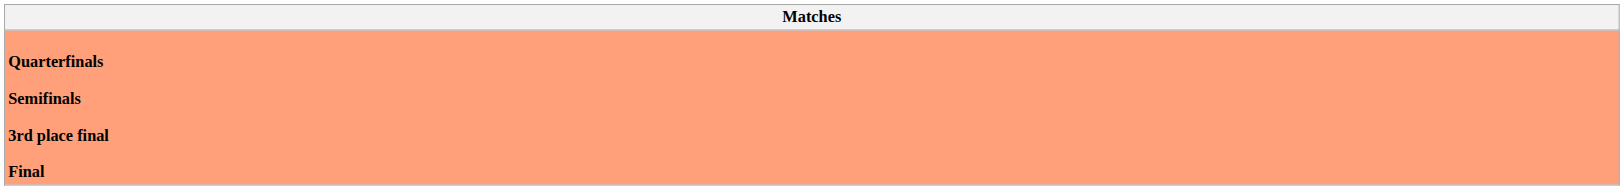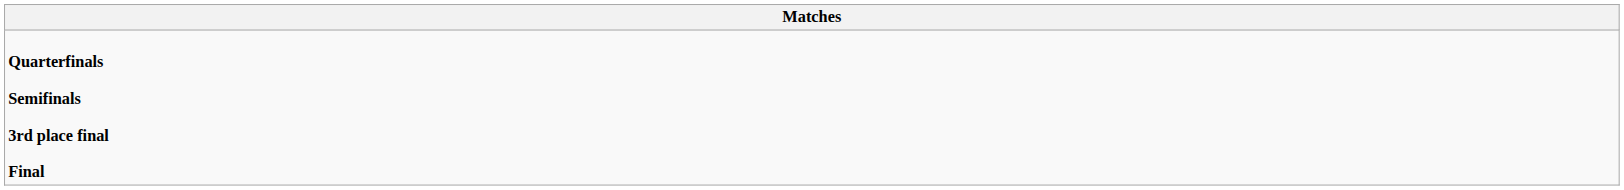 <table class="wikitable collapsible collapsed" style="width:100%;">
 <tr>
 <th>Matches</th>
 </tr>
 <tr>
-<td style="background: lightsalmon;"><br><strong>Quarterfinals</strong><br>   <br><strong>Semifinals</strong><br> <br><strong>3rd place final</strong><br><br><strong>Final</strong><br></td>
+<td><br><strong>Quarterfinals</strong><br>   <br><strong>Semifinals</strong><br> <br><strong>3rd place final</strong><br><br><strong>Final</strong><br></td>
 </tr>
 </table>
